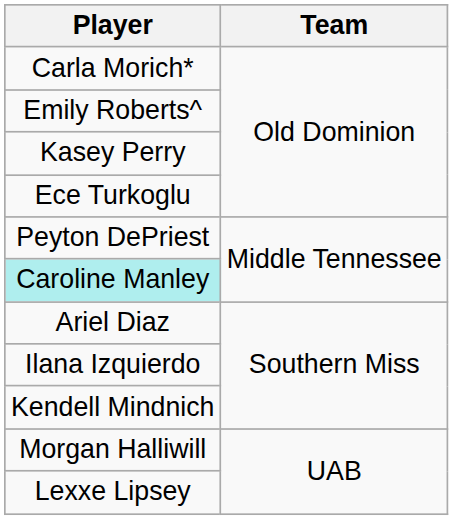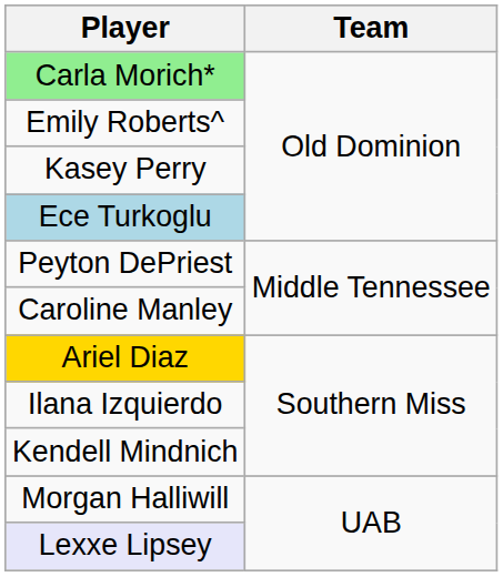 <table class="wikitable" style="text-align: center;">
 <tr>
 <th>Player</th>
 <th>Team</th>
 </tr>
 <tr>
-<td>Carla Morich*</td>
+<td style="background: lightgreen;">Carla Morich*</td>
 <td rowspan=4>Old Dominion</td>
 </tr>
 <tr>
 <td>Emily Roberts^</td>
 </tr>
 <tr>
 <td>Kasey Perry</td>
 </tr>
 <tr>
-<td>Ece Turkoglu</td>
+<td style="background: lightblue;">Ece Turkoglu</td>
 </tr>
 <tr>
 <td>Peyton DePriest</td>
 <td rowspan=2>Middle Tennessee</td>
 </tr>
 <tr>
-<td style="background: paleturquoise;">Caroline Manley</td>
+<td>Caroline Manley</td>
 </tr>
 <tr>
-<td>Ariel Diaz</td>
+<td style="background: gold;">Ariel Diaz</td>
 <td rowspan=3>Southern Miss</td>
 </tr>
 <tr>
 <td>Ilana Izquierdo</td>
 </tr>
 <tr>
 <td>Kendell Mindnich</td>
 </tr>
 <tr>
 <td>Morgan Halliwill</td>
 <td rowspan=2>UAB</td>
 </tr>
 <tr>
-<td>Lexxe Lipsey</td>
+<td style="background: lavender;">Lexxe Lipsey</td>
 </tr>
 </table>
